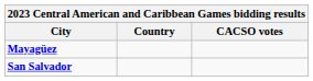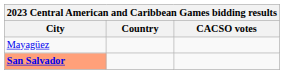 <table class="wikitable">
 <tr>
 <th colspan="7">2023 Central American and Caribbean Games bidding results</th>
 </tr>
 <tr>
 <th>City</th>
 <th>Country</th>
 <th>CACSO votes</th>
 </tr>
 <tr>
-<td><strong><a href='#'>Mayagüez</a></strong></td>
+<td><a href='#'>Mayagüez</a></td>
 <td></td>
 <td></td>
 </tr>
 <tr>
-<td><strong><a href='#'>San Salvador</a></strong></td>
+<td style="background: lightsalmon;"><strong><a href='#'>San Salvador</a></strong></td>
 <td><strong></strong></td>
 <td></td>
 </tr>
 </table>
